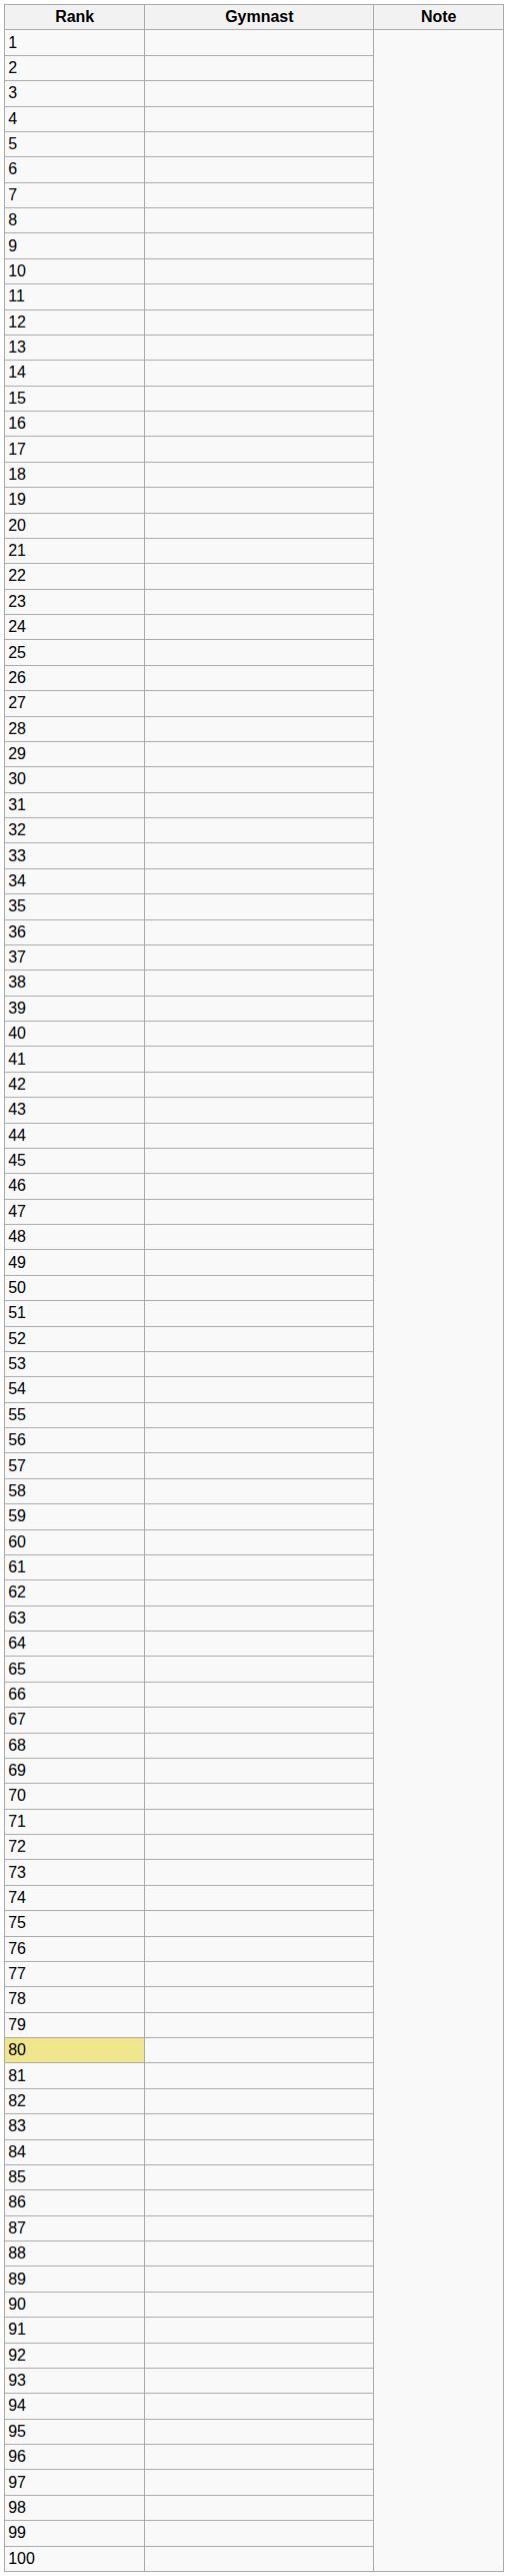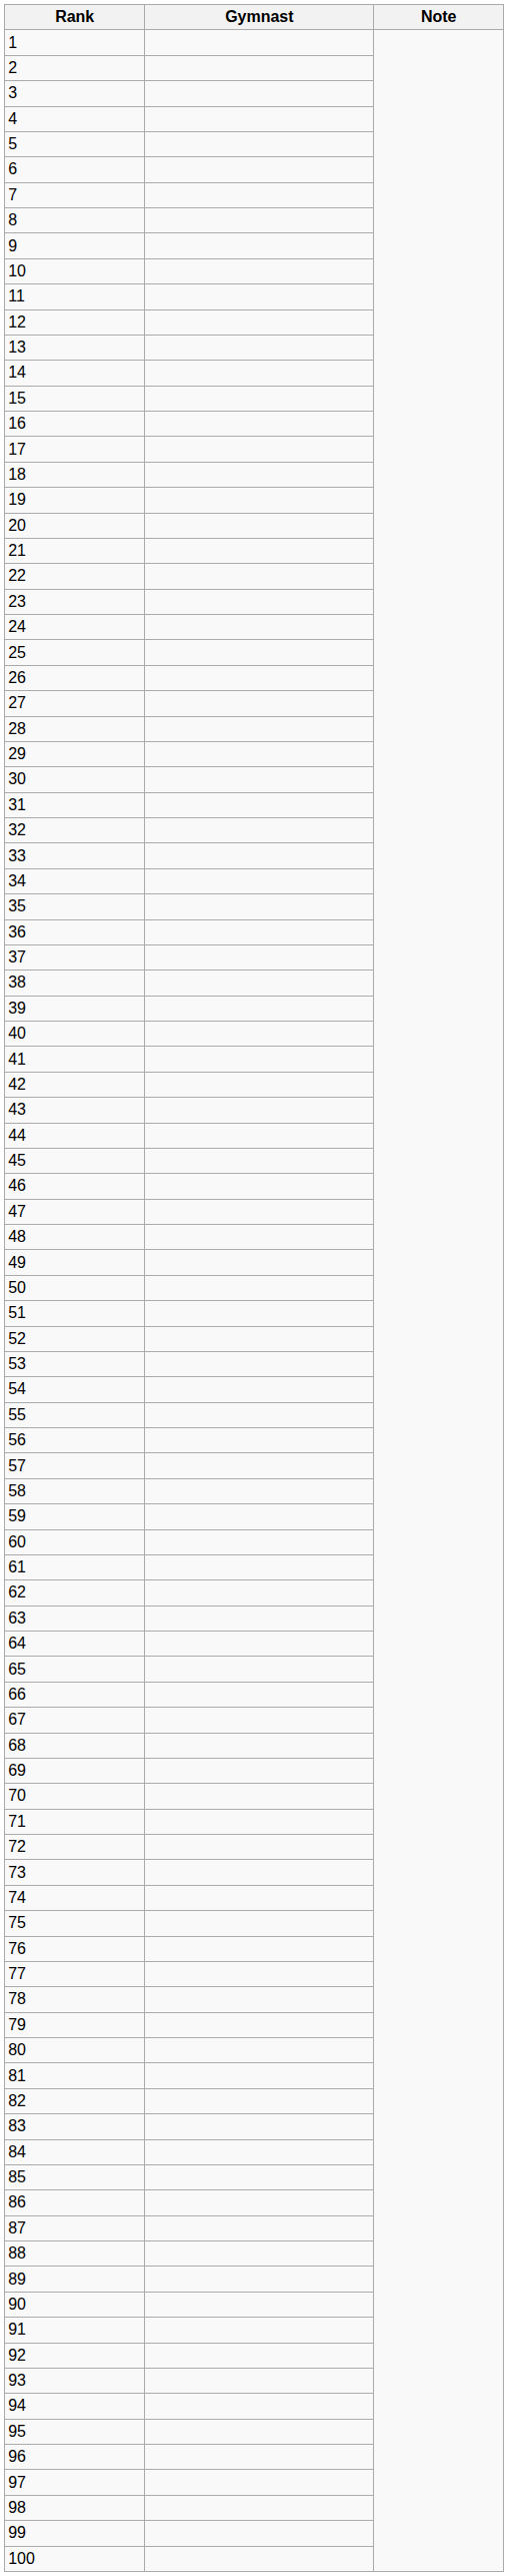 <table class="wikitable" width=500>
 <tr bgcolor="#efefef">
 <th>Rank</th>
 <th>Gymnast</th>
 <th>Note</th>
 </tr>
 <tr>
 <td>1</td>
 <td></td>
 </tr>
 <tr>
 <td>2</td>
 <td></td>
 </tr>
 <tr>
 <td>3</td>
 <td></td>
 </tr>
 <tr>
 <td>4</td>
 <td></td>
 </tr>
 <tr>
 <td>5</td>
 <td></td>
 </tr>
 <tr>
 <td>6</td>
 <td></td>
 </tr>
 <tr>
 <td>7</td>
 <td></td>
 </tr>
 <tr>
 <td>8</td>
 <td></td>
 </tr>
 <tr>
 <td>9</td>
 <td></td>
 </tr>
 <tr>
 <td>10</td>
 <td></td>
 </tr>
 <tr>
 <td>11</td>
 <td></td>
 </tr>
 <tr>
 <td>12</td>
 <td></td>
 </tr>
 <tr>
 <td>13</td>
 <td></td>
 </tr>
 <tr>
 <td>14</td>
 <td></td>
 </tr>
 <tr>
 <td>15</td>
 <td></td>
 </tr>
 <tr>
 <td>16</td>
 <td></td>
 </tr>
 <tr>
 <td>17</td>
 <td></td>
 </tr>
 <tr>
 <td>18</td>
 <td></td>
 </tr>
 <tr>
 <td>19</td>
 <td></td>
 </tr>
 <tr>
 <td>20</td>
 <td></td>
 </tr>
 <tr>
 <td>21</td>
 <td></td>
 </tr>
 <tr>
 <td>22</td>
 <td></td>
 </tr>
 <tr>
 <td>23</td>
 <td></td>
 </tr>
 <tr>
 <td>24</td>
 <td></td>
 </tr>
 <tr>
 <td>25</td>
 <td></td>
 </tr>
 <tr>
 <td>26</td>
 <td></td>
 </tr>
 <tr>
 <td>27</td>
 <td></td>
 </tr>
 <tr>
 <td>28</td>
 <td></td>
 </tr>
 <tr>
 <td>29</td>
 <td></td>
 </tr>
 <tr>
 <td>30</td>
 <td></td>
 </tr>
 <tr>
 <td>31</td>
 <td></td>
 </tr>
 <tr>
 <td>32</td>
 <td></td>
 </tr>
 <tr>
 <td>33</td>
 <td></td>
 </tr>
 <tr>
 <td>34</td>
 <td></td>
 </tr>
 <tr>
 <td>35</td>
 <td></td>
 </tr>
 <tr>
 <td>36</td>
 <td></td>
 </tr>
 <tr>
 <td>37</td>
 <td></td>
 </tr>
 <tr>
 <td>38</td>
 <td></td>
 </tr>
 <tr>
 <td>39</td>
 <td></td>
 </tr>
 <tr>
 <td>40</td>
 <td></td>
 </tr>
 <tr>
 <td>41</td>
 <td></td>
 </tr>
 <tr>
 <td>42</td>
 <td></td>
 </tr>
 <tr>
 <td>43</td>
 <td></td>
 </tr>
 <tr>
 <td>44</td>
 <td></td>
 </tr>
 <tr>
 <td>45</td>
 <td></td>
 </tr>
 <tr>
 <td>46</td>
 <td></td>
 </tr>
 <tr>
 <td>47</td>
 <td></td>
 </tr>
 <tr>
 <td>48</td>
 <td></td>
 </tr>
 <tr>
 <td>49</td>
 <td></td>
 </tr>
 <tr>
 <td>50</td>
 <td></td>
 </tr>
 <tr>
 <td>51</td>
 <td></td>
 </tr>
 <tr>
 <td>52</td>
 <td></td>
 </tr>
 <tr>
 <td>53</td>
 <td></td>
 </tr>
 <tr>
 <td>54</td>
 <td></td>
 </tr>
 <tr>
 <td>55</td>
 <td></td>
 </tr>
 <tr>
 <td>56</td>
 <td></td>
 </tr>
 <tr>
 <td>57</td>
 <td></td>
 </tr>
 <tr>
 <td>58</td>
 <td></td>
 </tr>
 <tr>
 <td>59</td>
 <td></td>
 </tr>
 <tr>
 <td>60</td>
 <td></td>
 </tr>
 <tr>
 <td>61</td>
 <td></td>
 </tr>
 <tr>
 <td>62</td>
 <td></td>
 </tr>
 <tr>
 <td>63</td>
 <td></td>
 </tr>
 <tr>
 <td>64</td>
 <td></td>
 </tr>
 <tr>
 <td>65</td>
 <td></td>
 </tr>
 <tr>
 <td>66</td>
 <td></td>
 </tr>
 <tr>
 <td>67</td>
 <td></td>
 </tr>
 <tr>
 <td>68</td>
 <td></td>
 </tr>
 <tr>
 <td>69</td>
 <td></td>
 </tr>
 <tr>
 <td>70</td>
 <td></td>
 </tr>
 <tr>
 <td>71</td>
 <td></td>
 </tr>
 <tr>
 <td>72</td>
 <td></td>
 </tr>
 <tr>
 <td>73</td>
 <td></td>
 </tr>
 <tr>
 <td>74</td>
 <td></td>
 </tr>
 <tr>
 <td>75</td>
 <td></td>
 </tr>
 <tr>
 <td>76</td>
 <td></td>
 </tr>
 <tr>
 <td>77</td>
 <td></td>
 </tr>
 <tr>
 <td>78</td>
 <td></td>
 </tr>
 <tr>
 <td>79</td>
 <td></td>
 </tr>
 <tr>
-<td style="background: khaki;">80</td>
+<td>80</td>
 <td></td>
 </tr>
 <tr>
 <td>81</td>
 <td></td>
 </tr>
 <tr>
 <td>82</td>
 <td></td>
 </tr>
 <tr>
 <td>83</td>
 <td></td>
 </tr>
 <tr>
 <td>84</td>
 <td></td>
 </tr>
 <tr>
 <td>85</td>
 <td></td>
 </tr>
 <tr>
 <td>86</td>
 <td></td>
 </tr>
 <tr>
 <td>87</td>
 <td></td>
 </tr>
 <tr>
 <td>88</td>
 <td></td>
 </tr>
 <tr>
 <td>89</td>
 <td></td>
 </tr>
 <tr>
 <td>90</td>
 <td></td>
 </tr>
 <tr>
 <td>91</td>
 <td></td>
 </tr>
 <tr>
 <td>92</td>
 <td></td>
 </tr>
 <tr>
 <td>93</td>
 <td></td>
 </tr>
 <tr>
 <td>94</td>
 <td></td>
 </tr>
 <tr>
 <td>95</td>
 <td></td>
 </tr>
 <tr>
 <td>96</td>
 <td></td>
 </tr>
 <tr>
 <td>97</td>
 <td></td>
 </tr>
 <tr>
 <td>98</td>
 <td></td>
 </tr>
 <tr>
 <td>99</td>
 <td></td>
 </tr>
 <tr>
 <td>100</td>
 <td></td>
 </tr>
 </table>
